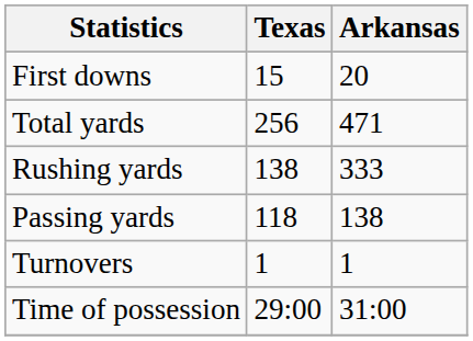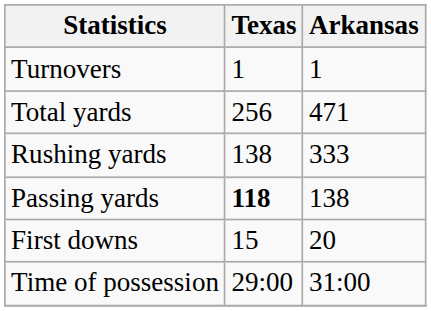 <table class="wikitable" style="float: left;">
 <tr>
 <th>Statistics</th>
 <th>Texas</th>
 <th>Arkansas</th>
 </tr>
 <tr>
-<td>First downs</td>
-<td>15</td>
-<td>20</td>
+<td>Turnovers</td>
+<td>1</td>
+<td>1</td>
 </tr>
 <tr>
 <td>Total yards</td>
 <td>256</td>
 <td>471</td>
 </tr>
 <tr>
 <td>Rushing yards</td>
 <td>138</td>
 <td>333</td>
 </tr>
 <tr>
 <td>Passing yards</td>
-<td>118</td>
+<td><strong>118</strong></td>
 <td>138</td>
 </tr>
 <tr>
-<td>Turnovers</td>
-<td>1</td>
-<td>1</td>
+<td>First downs</td>
+<td>15</td>
+<td>20</td>
 </tr>
 <tr>
 <td>Time of possession</td>
 <td>29:00</td>
 <td>31:00</td>
 </tr>
 <tr>
 </tr>
 </table>
